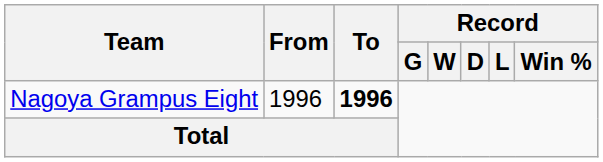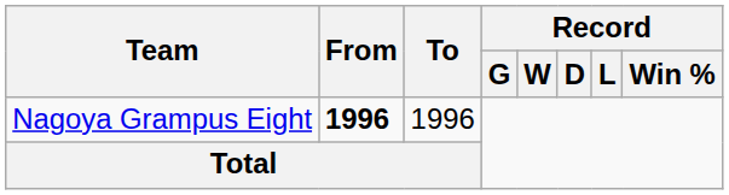 <table class="wikitable" style="text-align: center">
 <tr>
 <th rowspan="2">Team</th>
 <th rowspan="2">From</th>
 <th rowspan="2">To</th>
 <th colspan="5">Record</th>
 </tr>
 <tr>
 <th>G</th>
 <th>W</th>
 <th>D</th>
 <th>L</th>
 <th>Win %</th>
 </tr>
 <tr>
 <td align="left"><a href='#'>Nagoya Grampus Eight</a></td>
-<td align="left">1996</td>
-<td align="left"><strong>1996<br></strong></td>
+<td align="left"><strong>1996</strong></td>
+<td align="left">1996<br></td>
 </tr>
 <tr>
 <th colspan="3">Total<br></th>
 </tr>
 </table>
